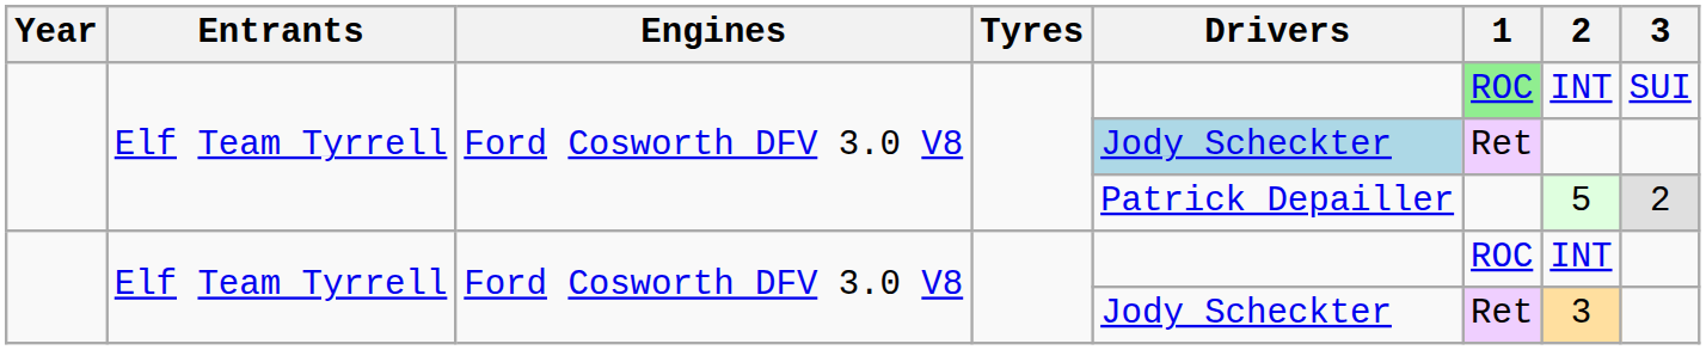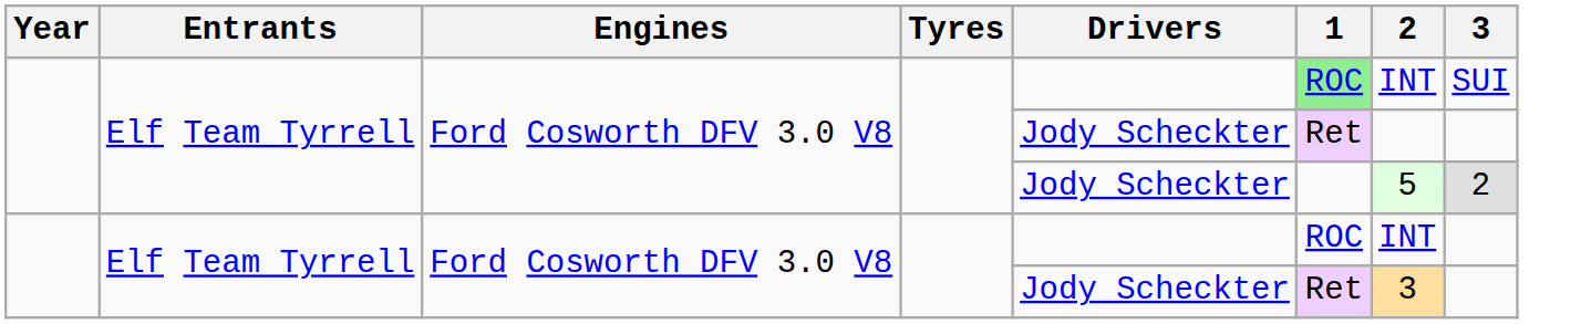 <table class="wikitable" style="text-align:center; font-size:95%">
 <tr>
 <th>Year</th>
 <th>Entrants</th>
 <th>Engines</th>
 <th>Tyres</th>
 <th>Drivers</th>
 <th>1</th>
 <th>2</th>
 <th>3</th>
 </tr>
 <tr>
 <td rowspan="3"></td>
 <td rowspan="3"><a href='#'>Elf</a> <a href='#'>Team Tyrrell</a></td>
 <td rowspan="3"><a href='#'>Ford</a> <a href='#'>Cosworth DFV</a> 3.0 <a href='#'>V8</a></td>
 <td rowspan="3"></td>
 <td></td>
 <td style="background: lightgreen;"><a href='#'>ROC</a></td>
 <td><a href='#'>INT</a></td>
 <td><a href='#'>SUI</a></td>
 </tr>
 <tr>
-<td align="left" style="background: lightblue;"><a href='#'>Jody Scheckter</a></td>
+<td align="left"><a href='#'>Jody Scheckter</a></td>
 <td style="background:#EFCFFF;">Ret</td>
 <td></td>
 <td></td>
 </tr>
 <tr>
-<td align="left"><a href='#'>Patrick Depailler</a></td>
+<td align="left"><a href='#'>Jody Scheckter</a></td>
 <td></td>
 <td style="background:#DFFFDF;">5</td>
 <td style="background:#DFDFDF;">2</td>
 </tr>
 <tr>
 <td rowspan="2"></td>
 <td rowspan="2"><a href='#'>Elf</a> <a href='#'>Team Tyrrell</a></td>
 <td rowspan="2"><a href='#'>Ford</a> <a href='#'>Cosworth DFV</a> 3.0 <a href='#'>V8</a></td>
 <td rowspan="2"></td>
 <td></td>
 <td><a href='#'>ROC</a></td>
 <td><a href='#'>INT</a></td>
 <td></td>
 </tr>
 <tr>
 <td align="left"><a href='#'>Jody Scheckter</a></td>
 <td style="background:#EFCFFF;">Ret</td>
 <td style="background:#FFDF9F;">3</td>
 <td></td>
 </tr>
 </table>
